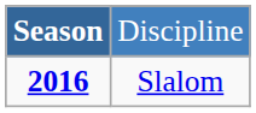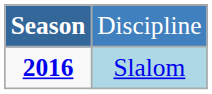 <table class="wikitable"  style="font-size:95%; text-align:center; border:gray solid 1px; width:12%;">
 <tr style="background:#369; color:white;">
 <td rowspan="2" style="width:5%;"><strong>Season</strong></td>
 </tr>
 <tr style="background:#4180be; color:white;">
 <td style="width:5%;">Discipline</td>
 </tr>
 <tr>
 <td><strong><a href='#'>2016</a></strong></td>
-<td><a href='#'>Slalom</a></td>
+<td style="background: lightblue;"><a href='#'>Slalom</a></td>
 </tr>
 </table>
